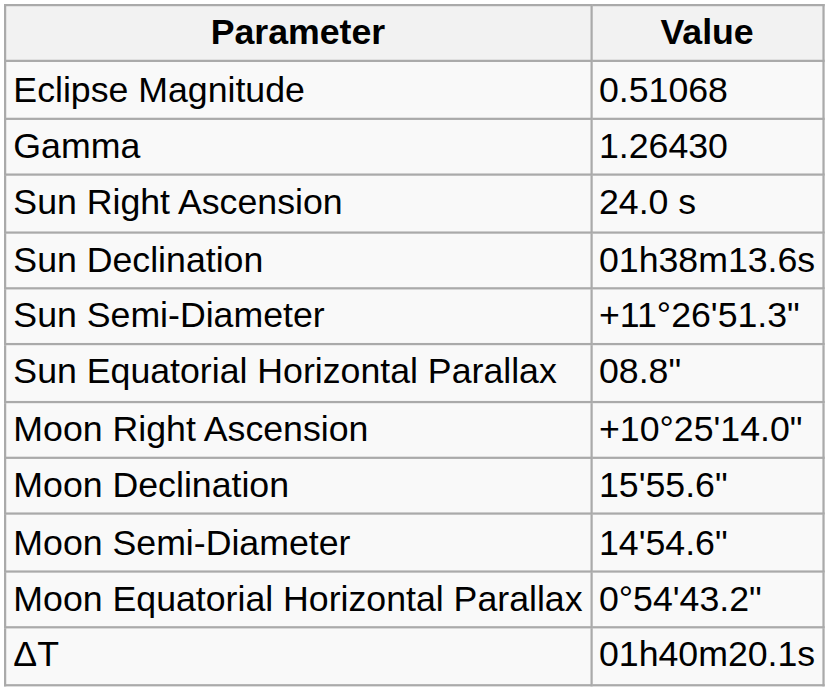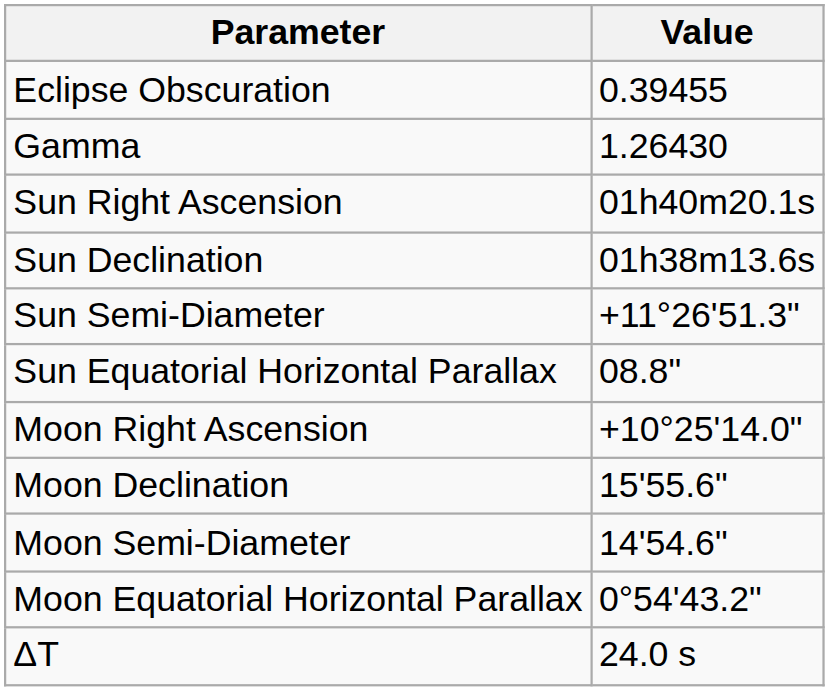 <table class="wikitable">
 <tr>
 <th>Parameter</th>
 <th>Value</th>
 </tr>
 <tr>
-<td>Eclipse Magnitude</td>
-<td>0.51068</td>
+<td>Eclipse Obscuration</td>
+<td>0.39455</td>
 </tr>
 <tr>
 <td>Gamma</td>
 <td>1.26430</td>
 </tr>
 <tr>
 <td>Sun Right Ascension</td>
-<td>24.0 s</td>
+<td>01h40m20.1s</td>
 </tr>
 <tr>
 <td>Sun Declination</td>
 <td>01h38m13.6s</td>
 </tr>
 <tr>
 <td>Sun Semi-Diameter</td>
 <td>+11°26'51.3"</td>
 </tr>
 <tr>
 <td>Sun Equatorial Horizontal Parallax</td>
 <td>08.8"</td>
 </tr>
 <tr>
 <td>Moon Right Ascension</td>
 <td>+10°25'14.0"</td>
 </tr>
 <tr>
 <td>Moon Declination</td>
 <td>15'55.6"</td>
 </tr>
 <tr>
 <td>Moon Semi-Diameter</td>
 <td>14'54.6"</td>
 </tr>
 <tr>
 <td>Moon Equatorial Horizontal Parallax</td>
 <td>0°54'43.2"</td>
 </tr>
 <tr>
 <td>ΔT</td>
-<td>01h40m20.1s</td>
+<td>24.0 s</td>
 </tr>
 </table>
